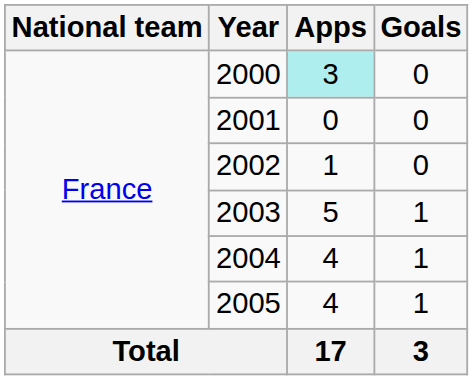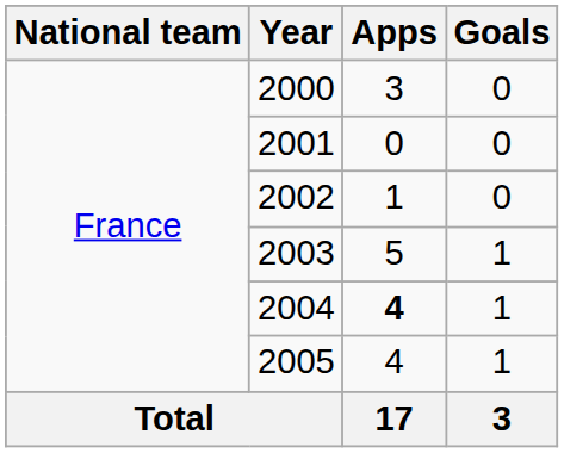 <table class="wikitable" style="text-align: center;">
 <tr>
 <th>National team</th>
 <th>Year</th>
 <th>Apps</th>
 <th>Goals</th>
 </tr>
 <tr>
 <td rowspan="6"><a href='#'>France</a></td>
 <td>2000</td>
-<td style="background: paleturquoise;">3</td>
+<td>3</td>
 <td>0</td>
 </tr>
 <tr>
 <td>2001</td>
 <td>0</td>
 <td>0</td>
 </tr>
 <tr>
 <td>2002</td>
 <td>1</td>
 <td>0</td>
 </tr>
 <tr>
 <td>2003</td>
 <td>5</td>
 <td>1</td>
 </tr>
 <tr>
 <td>2004</td>
-<td>4</td>
+<td><strong>4</strong></td>
 <td>1</td>
 </tr>
 <tr>
 <td>2005</td>
 <td>4</td>
 <td>1</td>
 </tr>
 <tr>
 <th colspan="2">Total</th>
 <th>17</th>
 <th>3</th>
 </tr>
 </table>
